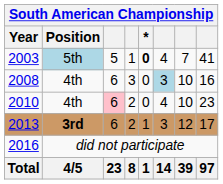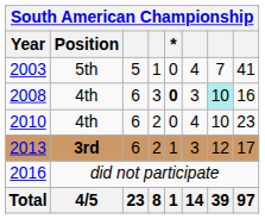 <table class="wikitable" style="text-align: center;">
 <tr>
 <th colspan=9><a href='#'>South American Championship</a></th>
 </tr>
 <tr>
 <th>Year</th>
 <th>Position</th>
 <th></th>
 <th></th>
 <th>*</th>
 <th></th>
 <th></th>
 <th></th>
 </tr>
 <tr>
 <td> <a href='#'>2003</a></td>
-<td style="background: lightblue;">5th</td>
+<td>5th</td>
 <td>5</td>
 <td>1</td>
-<td><strong>0</strong></td>
+<td>0</td>
 <td>4</td>
 <td>7</td>
 <td>41</td>
 </tr>
 <tr>
 <td> <a href='#'>2008</a></td>
 <td>4th</td>
 <td>6</td>
 <td>3</td>
-<td>0</td>
-<td style="background: lightblue;">3</td>
-<td>10</td>
+<td><strong>0</strong></td>
+<td>3</td>
+<td style="background: paleturquoise;">10</td>
 <td>16</td>
 </tr>
 <tr>
 <td> <a href='#'>2010</a></td>
 <td>4th</td>
-<td style="background: pink;">6</td>
+<td>6</td>
 <td>2</td>
 <td>0</td>
 <td>4</td>
 <td>10</td>
 <td>23</td>
 </tr>
 <tr bgcolor=cc9966>
 <td> <a href='#'>2013</a></td>
 <td><strong>3rd</strong></td>
 <td>6</td>
 <td>2</td>
 <td>1</td>
 <td>3</td>
 <td>12</td>
 <td>17</td>
 </tr>
 <tr>
 <td> <a href='#'>2016</a></td>
 <td colspan=7><em>did not participate</em></td>
 </tr>
 <tr>
 <th>Total</th>
 <th>4/5</th>
 <th>23</th>
 <th>8</th>
 <th>1</th>
 <th>14</th>
 <th>39</th>
 <th>97</th>
 </tr>
 </table>
